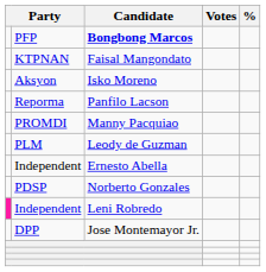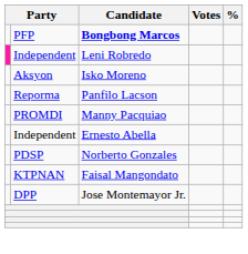 <table class="wikitable">
 <tr>
 <th colspan="2">Party</th>
 <th>Candidate</th>
 <th>Votes</th>
 <th>%</th>
 </tr>
 <tr>
 <td style="background:"></td>
 <td><a href='#'>PFP</a></td>
 <td><strong><a href='#'>Bongbong Marcos</a></strong></td>
 <td></td>
 <td></td>
 </tr>
 <tr>
-<td style="background:"></td>
-<td><a href='#'>KTPNAN</a></td>
-<td><a href='#'>Faisal Mangondato</a></td>
+<td style="background:#FE18A3;"></td>
+<td><a href='#'>Independent</a></td>
+<td><a href='#'>Leni Robredo</a></td>
 <td></td>
 <td></td>
 </tr>
 <tr>
 <td style="background:"></td>
 <td><a href='#'>Aksyon</a></td>
 <td><a href='#'>Isko Moreno</a></td>
 <td></td>
 <td></td>
 </tr>
 <tr>
 <td style="background:"></td>
 <td><a href='#'>Reporma</a></td>
 <td><a href='#'>Panfilo Lacson</a></td>
 <td></td>
 <td></td>
 </tr>
 <tr>
 <td style="background:"></td>
 <td><a href='#'>PROMDI</a></td>
 <td><a href='#'>Manny Pacquiao</a></td>
 <td></td>
 <td></td>
 </tr>
 <tr>
 <td style="background:"></td>
-<td><a href='#'>PLM</a></td>
-<td><a href='#'>Leody de Guzman</a></td>
-<td></td>
-<td></td>
-</tr>
-<tr>
-<td style="background:"></td>
 <td>Independent</td>
 <td><a href='#'>Ernesto Abella</a></td>
 <td></td>
 <td></td>
 </tr>
 <tr>
 <td style="background:"></td>
 <td><a href='#'>PDSP</a></td>
 <td><a href='#'>Norberto Gonzales</a></td>
 <td></td>
 <td></td>
 </tr>
 <tr>
-<td style="background:#FE18A3;"></td>
-<td><a href='#'>Independent</a></td>
-<td><a href='#'>Leni Robredo</a></td>
+<td style="background:"></td>
+<td><a href='#'>KTPNAN</a></td>
+<td><a href='#'>Faisal Mangondato</a></td>
 <td></td>
 <td></td>
 </tr>
 <tr>
 <td style="background:"></td>
 <td><a href='#'>DPP</a></td>
 <td>Jose Montemayor Jr.</td>
 <td></td>
 <td></td>
 </tr>
 <tr>
 <th colspan="3"></th>
 <td></td>
 <td></td>
 </tr>
 <tr>
 <th colspan="3"></th>
 <td></td>
 <td></td>
 </tr>
 <tr>
 <th colspan="3"></th>
 <td></td>
 <td></td>
 </tr>
 <tr>
 <th colspan="3"></th>
 <td></td>
 <td></td>
 </tr>
 </table>
